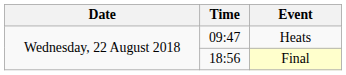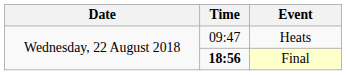 <table class = "wikitable" style="text-align:center;">
 <tr>
 <th width=220>Date</th>
 <th width=50>Time</th>
 <th width=100>Event</th>
 </tr>
 <tr>
 <td rowspan=2>Wednesday, 22 August 2018</td>
 <td>09:47</td>
 <td>Heats</td>
 </tr>
 <tr>
-<td>18:56</td>
+<td><strong>18:56</strong></td>
 <td bgcolor=ffffcc>Final</td>
 </tr>
 </table>
